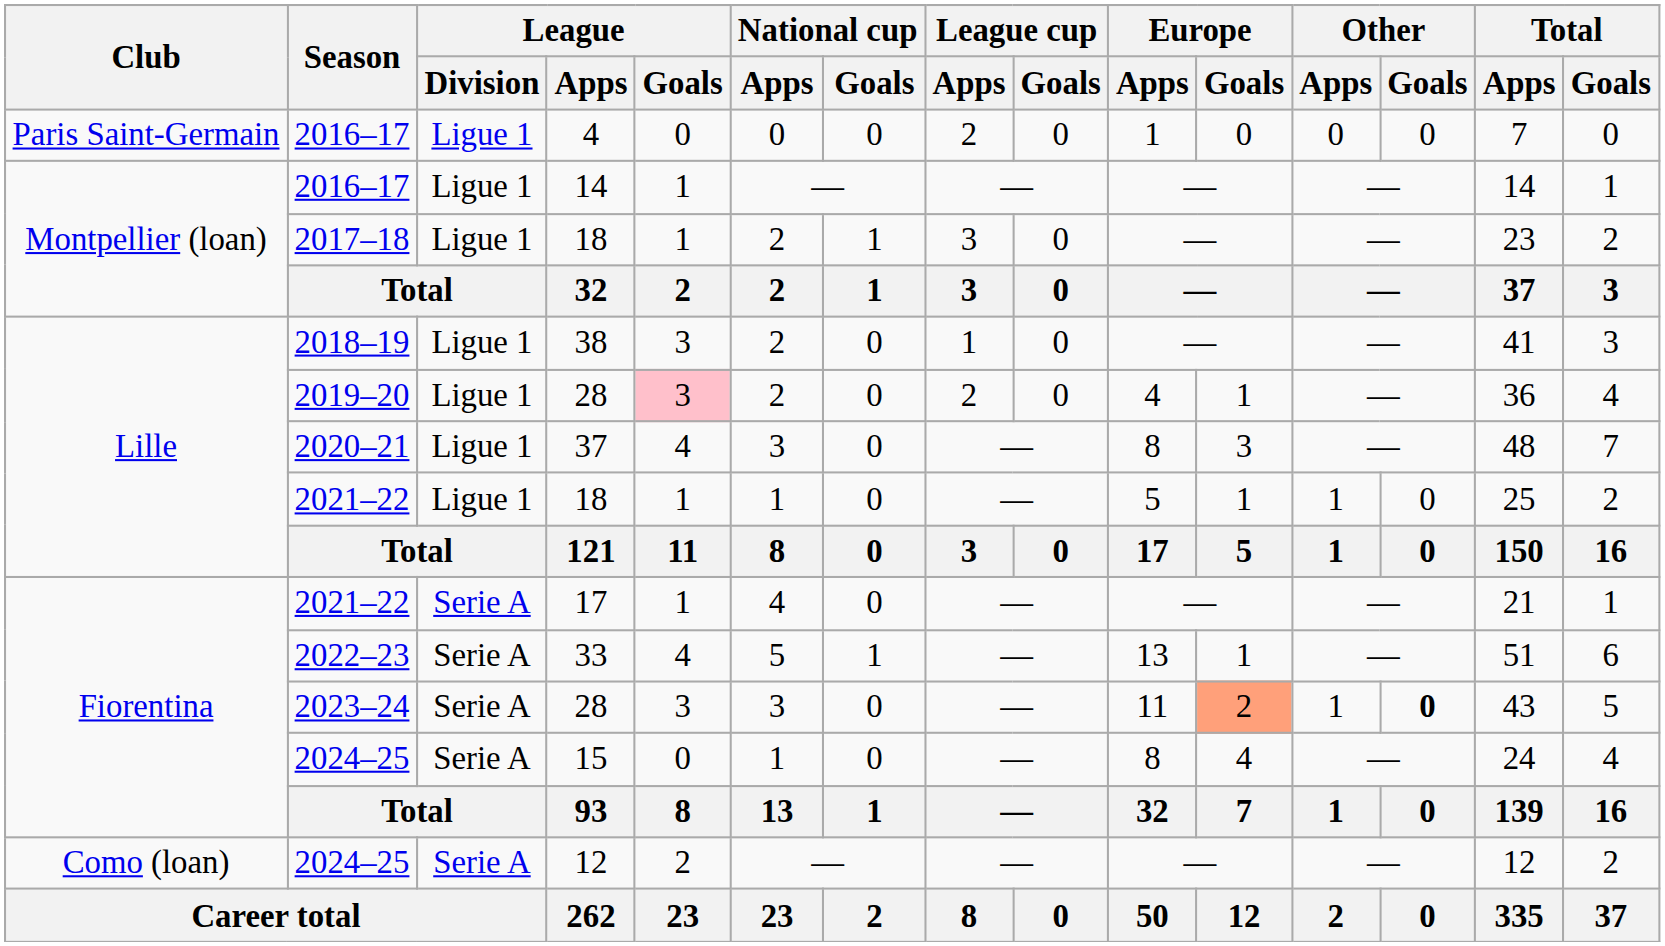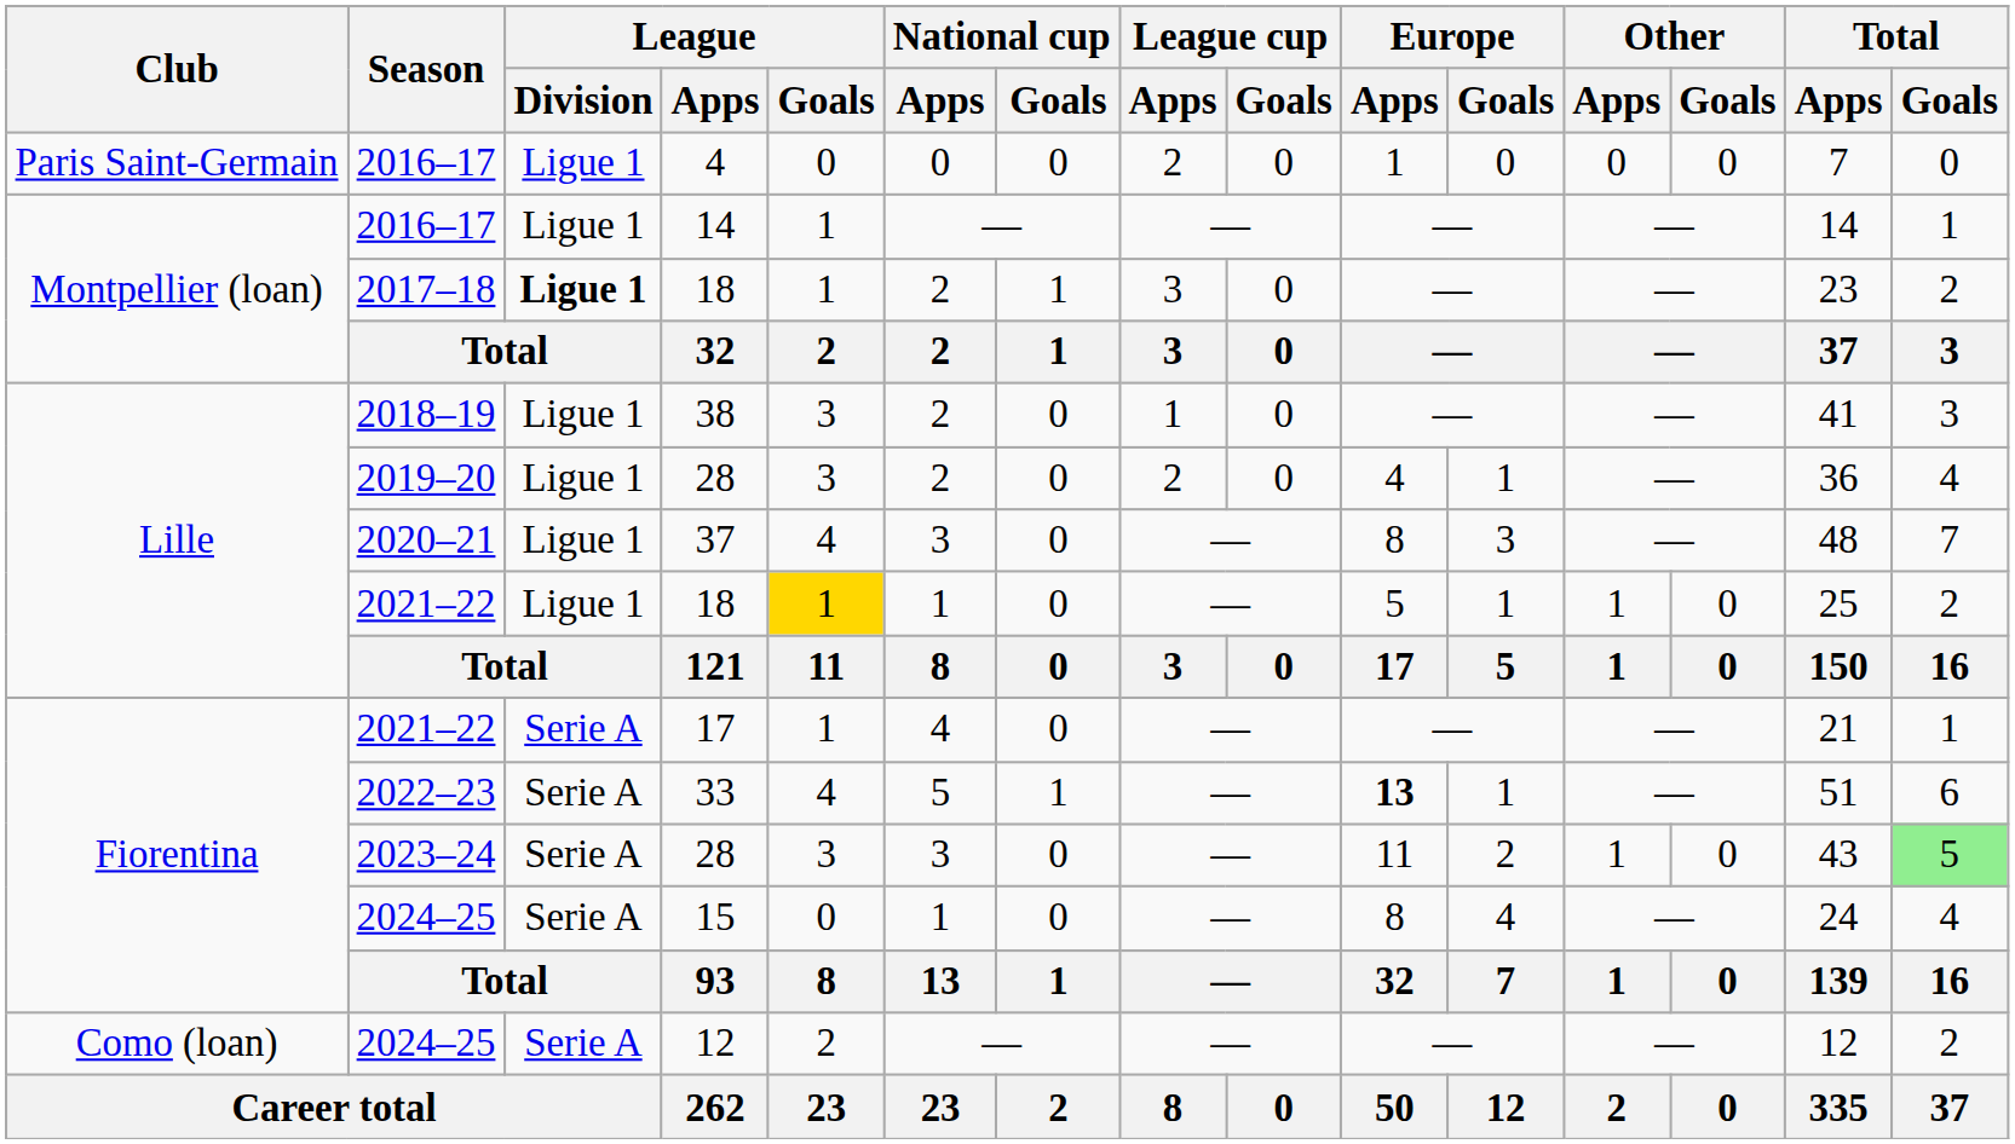 <table class="wikitable" style="text-align:center">
 <tr>
 <th rowspan="2">Club</th>
 <th rowspan="2">Season</th>
 <th colspan="3">League</th>
 <th colspan="2">National cup</th>
 <th colspan="2">League cup</th>
 <th colspan="2">Europe</th>
 <th colspan="2">Other</th>
 <th colspan="2">Total</th>
 </tr>
 <tr>
 <th>Division</th>
 <th>Apps</th>
 <th>Goals</th>
 <th>Apps</th>
 <th>Goals</th>
 <th>Apps</th>
 <th>Goals</th>
 <th>Apps</th>
 <th>Goals</th>
 <th>Apps</th>
 <th>Goals</th>
 <th>Apps</th>
 <th>Goals</th>
 </tr>
 <tr>
 <td><a href='#'>Paris Saint-Germain</a></td>
 <td><a href='#'>2016–17</a></td>
 <td><a href='#'>Ligue 1</a></td>
 <td>4</td>
 <td>0</td>
 <td>0</td>
 <td>0</td>
 <td>2</td>
 <td>0</td>
 <td>1</td>
 <td>0</td>
 <td>0</td>
 <td>0</td>
 <td>7</td>
 <td>0</td>
 </tr>
 <tr>
 <td rowspan="3"><a href='#'>Montpellier</a> (loan)</td>
 <td><a href='#'>2016–17</a></td>
 <td>Ligue 1</td>
 <td>14</td>
 <td>1</td>
 <td colspan="2">—</td>
 <td colspan="2">—</td>
 <td colspan="2">—</td>
 <td colspan="2">—</td>
 <td>14</td>
 <td>1</td>
 </tr>
 <tr>
 <td><a href='#'>2017–18</a></td>
-<td>Ligue 1</td>
+<td><strong>Ligue 1</strong></td>
 <td>18</td>
 <td>1</td>
 <td>2</td>
 <td>1</td>
 <td>3</td>
 <td>0</td>
 <td colspan="2">—</td>
 <td colspan="2">—</td>
 <td>23</td>
 <td>2</td>
 </tr>
 <tr>
 <th colspan="2">Total</th>
 <th>32</th>
 <th>2</th>
 <th>2</th>
 <th>1</th>
 <th>3</th>
 <th>0</th>
 <th colspan="2">—</th>
 <th colspan="2">—</th>
 <th>37</th>
 <th>3</th>
 </tr>
 <tr>
 <td rowspan="5"><a href='#'>Lille</a></td>
 <td><a href='#'>2018–19</a></td>
 <td>Ligue 1</td>
 <td>38</td>
 <td>3</td>
 <td>2</td>
 <td>0</td>
 <td>1</td>
 <td>0</td>
 <td colspan="2">—</td>
 <td colspan="2">—</td>
 <td>41</td>
 <td>3</td>
 </tr>
 <tr>
 <td><a href='#'>2019–20</a></td>
 <td>Ligue 1</td>
 <td>28</td>
-<td style="background: pink;">3</td>
+<td>3</td>
 <td>2</td>
 <td>0</td>
 <td>2</td>
 <td>0</td>
 <td>4</td>
 <td>1</td>
 <td colspan="2">—</td>
 <td>36</td>
 <td>4</td>
 </tr>
 <tr>
 <td><a href='#'>2020–21</a></td>
 <td>Ligue 1</td>
 <td>37</td>
 <td>4</td>
 <td>3</td>
 <td>0</td>
 <td colspan="2">—</td>
 <td>8</td>
 <td>3</td>
 <td colspan="2">—</td>
 <td>48</td>
 <td>7</td>
 </tr>
 <tr>
 <td><a href='#'>2021–22</a></td>
 <td>Ligue 1</td>
 <td>18</td>
-<td>1</td>
+<td style="background: gold;">1</td>
 <td>1</td>
 <td>0</td>
 <td colspan="2">—</td>
 <td>5</td>
 <td>1</td>
 <td>1</td>
 <td>0</td>
 <td>25</td>
 <td>2</td>
 </tr>
 <tr>
 <th colspan="2">Total</th>
 <th>121</th>
 <th>11</th>
 <th>8</th>
 <th>0</th>
 <th>3</th>
 <th>0</th>
 <th>17</th>
 <th>5</th>
 <th>1</th>
 <th>0</th>
 <th>150</th>
 <th>16</th>
 </tr>
 <tr>
 <td rowspan="5"><a href='#'>Fiorentina</a></td>
 <td><a href='#'>2021–22</a></td>
 <td><a href='#'>Serie A</a></td>
 <td>17</td>
 <td>1</td>
 <td>4</td>
 <td>0</td>
 <td colspan="2">—</td>
 <td colspan="2">—</td>
 <td colspan="2">—</td>
 <td>21</td>
 <td>1</td>
 </tr>
 <tr>
 <td><a href='#'>2022–23</a></td>
 <td>Serie A</td>
 <td>33</td>
 <td>4</td>
 <td>5</td>
 <td>1</td>
 <td colspan="2">—</td>
-<td>13</td>
+<td><strong>13</strong></td>
 <td>1</td>
 <td colspan="2">—</td>
 <td>51</td>
 <td>6</td>
 </tr>
 <tr>
 <td><a href='#'>2023–24</a></td>
 <td>Serie A</td>
 <td>28</td>
 <td>3</td>
 <td>3</td>
 <td>0</td>
 <td colspan="2">—</td>
 <td>11</td>
-<td style="background: lightsalmon;">2</td>
+<td>2</td>
 <td>1</td>
-<td><strong>0</strong></td>
+<td>0</td>
 <td>43</td>
-<td>5</td>
+<td style="background: lightgreen;">5</td>
 </tr>
 <tr>
 <td><a href='#'>2024–25</a></td>
 <td>Serie A</td>
 <td>15</td>
 <td>0</td>
 <td>1</td>
 <td>0</td>
 <td colspan="2">—</td>
 <td>8</td>
 <td>4</td>
 <td colspan="2">—</td>
 <td>24</td>
 <td>4</td>
 </tr>
 <tr>
 <th colspan="2">Total</th>
 <th>93</th>
 <th>8</th>
 <th>13</th>
 <th>1</th>
 <th colspan="2">—</th>
 <th>32</th>
 <th>7</th>
 <th>1</th>
 <th>0</th>
 <th>139</th>
 <th>16</th>
 </tr>
 <tr>
 <td><a href='#'>Como</a> (loan)</td>
 <td><a href='#'>2024–25</a></td>
 <td><a href='#'>Serie A</a></td>
 <td>12</td>
 <td>2</td>
 <td colspan="2">—</td>
 <td colspan="2">—</td>
 <td colspan="2">—</td>
 <td colspan="2">—</td>
 <td>12</td>
 <td>2</td>
 </tr>
 <tr>
 <th colspan="3">Career total</th>
 <th>262</th>
 <th>23</th>
 <th>23</th>
 <th>2</th>
 <th>8</th>
 <th>0</th>
 <th>50</th>
 <th>12</th>
 <th>2</th>
 <th>0</th>
 <th>335</th>
 <th>37</th>
 </tr>
 </table>
